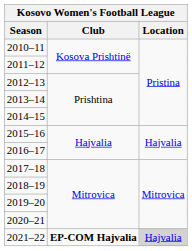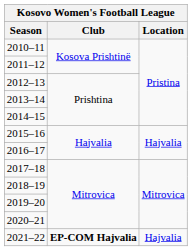 <table class="wikitable" style="text-align: center;">
 <tr>
 <th colspan="3">Kosovo Women's Football League</th>
 </tr>
 <tr>
 <th>Season</th>
 <th>Club</th>
 <th>Location</th>
 </tr>
 <tr>
 <td>2010–11</td>
 <td rowspan="2"><a href='#'>Kosova Prishtinë</a></td>
 <td rowspan="5"><a href='#'>Pristina</a></td>
 </tr>
 <tr>
 <td>2011–12</td>
 </tr>
 <tr>
 <td>2012–13</td>
 <td rowspan="3">Prishtina</td>
 </tr>
 <tr>
 <td>2013–14</td>
 </tr>
 <tr>
 <td>2014–15</td>
 </tr>
 <tr>
 <td>2015–16</td>
 <td rowspan="2"><a href='#'>Hajvalia</a></td>
 <td rowspan="2"><a href='#'>Hajvalia</a></td>
 </tr>
 <tr>
 <td>2016–17</td>
 </tr>
 <tr>
 <td>2017–18</td>
 <td rowspan="4"><a href='#'>Mitrovica</a></td>
 <td rowspan="4"><a href='#'>Mitrovica</a></td>
 </tr>
 <tr>
 <td>2018–19</td>
 </tr>
 <tr>
 <td>2019–20</td>
 </tr>
 <tr>
 <td>2020–21</td>
 </tr>
 <tr>
 <td>2021–22</td>
 <td><strong>EP-COM Hajvalia</strong></td>
-<td style="background: lightgrey;"><a href='#'>Hajvalia</a></td>
+<td><a href='#'>Hajvalia</a></td>
 </tr>
 </table>
